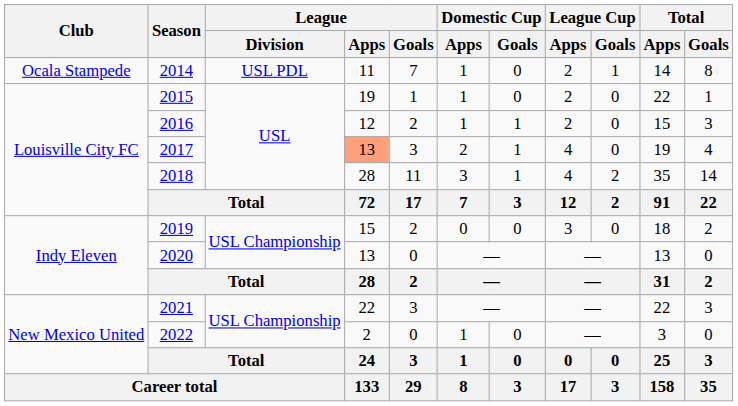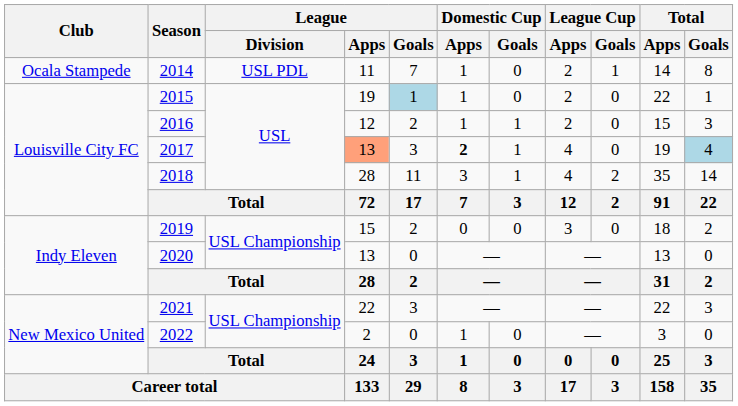 <table class="wikitable" style="text-align: center">
 <tr>
 <th rowspan="2">Club</th>
 <th rowspan="2">Season</th>
 <th colspan="3">League</th>
 <th colspan="2">Domestic Cup</th>
 <th colspan="2">League Cup</th>
 <th colspan="2">Total</th>
 </tr>
 <tr>
 <th>Division</th>
 <th>Apps</th>
 <th>Goals</th>
 <th>Apps</th>
 <th>Goals</th>
 <th>Apps</th>
 <th>Goals</th>
 <th>Apps</th>
 <th>Goals</th>
 </tr>
 <tr>
 <td><a href='#'>Ocala Stampede</a></td>
 <td><a href='#'>2014</a></td>
 <td><a href='#'>USL PDL</a></td>
 <td>11</td>
 <td>7</td>
 <td>1</td>
 <td>0</td>
 <td>2</td>
 <td>1</td>
 <td>14</td>
 <td>8</td>
 </tr>
 <tr>
 <td rowspan="5"><a href='#'>Louisville City FC</a></td>
 <td><a href='#'>2015</a></td>
 <td rowspan="4"><a href='#'>USL</a></td>
 <td>19</td>
-<td>1</td>
+<td style="background: lightblue;">1</td>
 <td>1</td>
 <td>0</td>
 <td>2</td>
 <td>0</td>
 <td>22</td>
 <td>1</td>
 </tr>
 <tr>
 <td><a href='#'>2016</a></td>
 <td>12</td>
 <td>2</td>
 <td>1</td>
 <td>1</td>
 <td>2</td>
 <td>0</td>
 <td>15</td>
 <td>3</td>
 </tr>
 <tr>
 <td><a href='#'>2017</a></td>
 <td style="background: lightsalmon;">13</td>
 <td>3</td>
-<td>2</td>
+<td><strong>2</strong></td>
 <td>1</td>
 <td>4</td>
 <td>0</td>
 <td>19</td>
-<td>4</td>
+<td style="background: lightblue;">4</td>
 </tr>
 <tr>
 <td><a href='#'>2018</a></td>
 <td>28</td>
 <td>11</td>
 <td>3</td>
 <td>1</td>
 <td>4</td>
 <td>2</td>
 <td>35</td>
 <td>14</td>
 </tr>
 <tr>
 <th colspan="2">Total</th>
 <th>72</th>
 <th>17</th>
 <th>7</th>
 <th>3</th>
 <th>12</th>
 <th>2</th>
 <th>91</th>
 <th>22</th>
 </tr>
 <tr>
 <td rowspan="3"><a href='#'>Indy Eleven</a></td>
 <td><a href='#'>2019</a></td>
 <td rowspan="2"><a href='#'>USL Championship</a></td>
 <td>15</td>
 <td>2</td>
 <td>0</td>
 <td>0</td>
 <td>3</td>
 <td>0</td>
 <td>18</td>
 <td>2</td>
 </tr>
 <tr>
 <td><a href='#'>2020</a></td>
 <td>13</td>
 <td>0</td>
 <td colspan="2">—</td>
 <td colspan="2">—</td>
 <td>13</td>
 <td>0</td>
 </tr>
 <tr>
 <th colspan="2">Total</th>
 <th>28</th>
 <th>2</th>
 <th colspan="2">—</th>
 <th colspan="2">—</th>
 <th>31</th>
 <th>2</th>
 </tr>
 <tr>
 <td rowspan="3"><a href='#'>New Mexico United</a></td>
 <td><a href='#'>2021</a></td>
 <td rowspan="2"><a href='#'>USL Championship</a></td>
 <td>22</td>
 <td>3</td>
 <td colspan="2">—</td>
 <td colspan="2">—</td>
 <td>22</td>
 <td>3</td>
 </tr>
 <tr>
 <td><a href='#'>2022</a></td>
 <td>2</td>
 <td>0</td>
 <td>1</td>
 <td>0</td>
 <td colspan="2">—</td>
 <td>3</td>
 <td>0</td>
 </tr>
 <tr>
 <th colspan="2">Total</th>
 <th>24</th>
 <th>3</th>
 <th>1</th>
 <th>0</th>
 <th>0</th>
 <th>0</th>
 <th>25</th>
 <th>3</th>
 </tr>
 <tr>
 <th colspan="3">Career total</th>
 <th>133</th>
 <th>29</th>
 <th>8</th>
 <th>3</th>
 <th>17</th>
 <th>3</th>
 <th>158</th>
 <th>35</th>
 </tr>
 </table>
